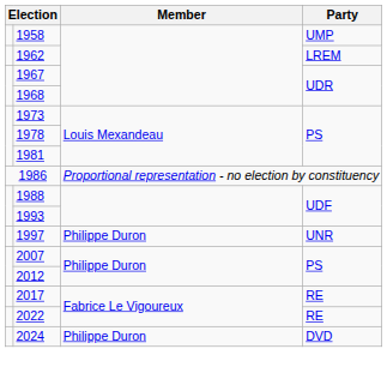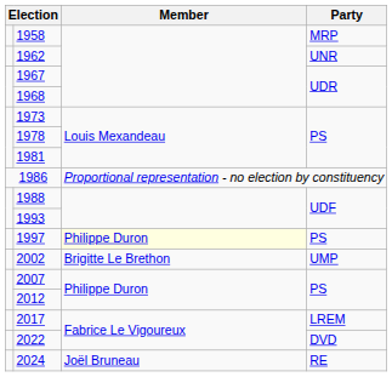 <table class="wikitable">
 <tr>
 <th colspan="2">Election</th>
 <th>Member</th>
 <th>Party</th>
 </tr>
 <tr>
 <td style="color:inherit;background-color: "></td>
 <td><a href='#'>1958</a></td>
 <td rowspan="4"></td>
-<td><a href='#'>UMP</a></td>
+<td><a href='#'>MRP</a></td>
 </tr>
 <tr>
 <td style="color:inherit;background-color: "></td>
 <td><a href='#'>1962</a></td>
-<td><a href='#'>LREM</a></td>
+<td><a href='#'>UNR</a></td>
 </tr>
 <tr>
 <td rowspan="2" style="color:inherit;background-color: "></td>
 <td><a href='#'>1967</a></td>
 <td rowspan="2"><a href='#'>UDR</a></td>
 </tr>
 <tr>
 <td><a href='#'>1968</a></td>
 </tr>
 <tr>
 <td rowspan="3" style="color:inherit;background-color: "></td>
 <td><a href='#'>1973</a></td>
 <td rowspan="3"><a href='#'>Louis Mexandeau</a></td>
 <td rowspan="3"><a href='#'>PS</a></td>
 </tr>
 <tr>
 <td><a href='#'>1978</a></td>
 </tr>
 <tr>
 <td><a href='#'>1981</a></td>
 </tr>
 <tr>
 <td colspan="2" align="center"><a href='#'>1986</a></td>
 <td colspan="2"><em><a href='#'>Proportional representation</a> - no election by constituency</em></td>
 </tr>
 <tr>
 <td rowspan="2" style="color:inherit;background-color: "></td>
 <td><a href='#'>1988</a></td>
 <td rowspan="2"></td>
 <td rowspan="2"><a href='#'>UDF</a></td>
 </tr>
 <tr>
 <td><a href='#'>1993</a></td>
 </tr>
 <tr>
 <td style="color:inherit;background-color: "></td>
 <td><a href='#'>1997</a></td>
-<td><a href='#'>Philippe Duron</a></td>
-<td><a href='#'>UNR</a></td>
+<td style="background: lightyellow;"><a href='#'>Philippe Duron</a></td>
+<td><a href='#'>PS</a></td>
+</tr>
+<tr>
+<td style="color:inherit;background-color: "></td>
+<td><a href='#'>2002</a></td>
+<td><a href='#'>Brigitte Le Brethon</a></td>
+<td><a href='#'>UMP</a></td>
 </tr>
 <tr>
 <td rowspan="2" style="color:inherit;background-color: "></td>
 <td><a href='#'>2007</a></td>
 <td rowspan="2"><a href='#'>Philippe Duron</a></td>
 <td rowspan="2"><a href='#'>PS</a></td>
 </tr>
 <tr>
 <td><a href='#'>2012</a></td>
 </tr>
 <tr>
 <td style="color:inherit;background-color: "></td>
 <td><a href='#'>2017</a></td>
 <td rowspan="2"><a href='#'>Fabrice Le Vigoureux</a></td>
-<td><a href='#'>RE</a></td>
+<td><a href='#'>LREM</a></td>
 </tr>
 <tr>
 <td style="color:inherit;background-color: "></td>
 <td><a href='#'>2022</a></td>
-<td><a href='#'>RE</a></td>
+<td><a href='#'>DVD</a></td>
 </tr>
 <tr>
 <td style="color:inherit;background-color: "></td>
 <td><a href='#'>2024</a></td>
-<td><a href='#'>Philippe Duron</a></td>
-<td><a href='#'>DVD</a></td>
+<td><a href='#'>Joël Bruneau</a></td>
+<td><a href='#'>RE</a></td>
 </tr>
 </table>
